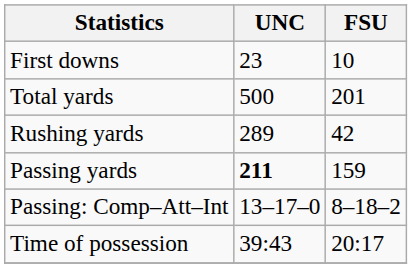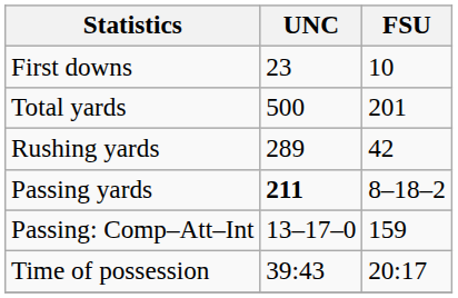 <table class="wikitable" style="float: left;">
 <tr>
 <th>Statistics</th>
 <th>UNC</th>
 <th>FSU</th>
 </tr>
 <tr>
 <td>First downs</td>
 <td>23</td>
 <td>10</td>
 </tr>
 <tr>
 <td>Total yards</td>
 <td>500</td>
 <td>201</td>
 </tr>
 <tr>
 <td>Rushing yards</td>
 <td>289</td>
 <td>42</td>
 </tr>
 <tr>
 <td>Passing yards</td>
 <td><strong>211</strong></td>
-<td>159</td>
+<td>8–18–2</td>
 </tr>
 <tr>
 <td>Passing: Comp–Att–Int</td>
 <td>13–17–0</td>
-<td>8–18–2</td>
+<td>159</td>
 </tr>
 <tr>
 <td>Time of possession</td>
 <td>39:43</td>
 <td>20:17</td>
 </tr>
 <tr>
 </tr>
 </table>
